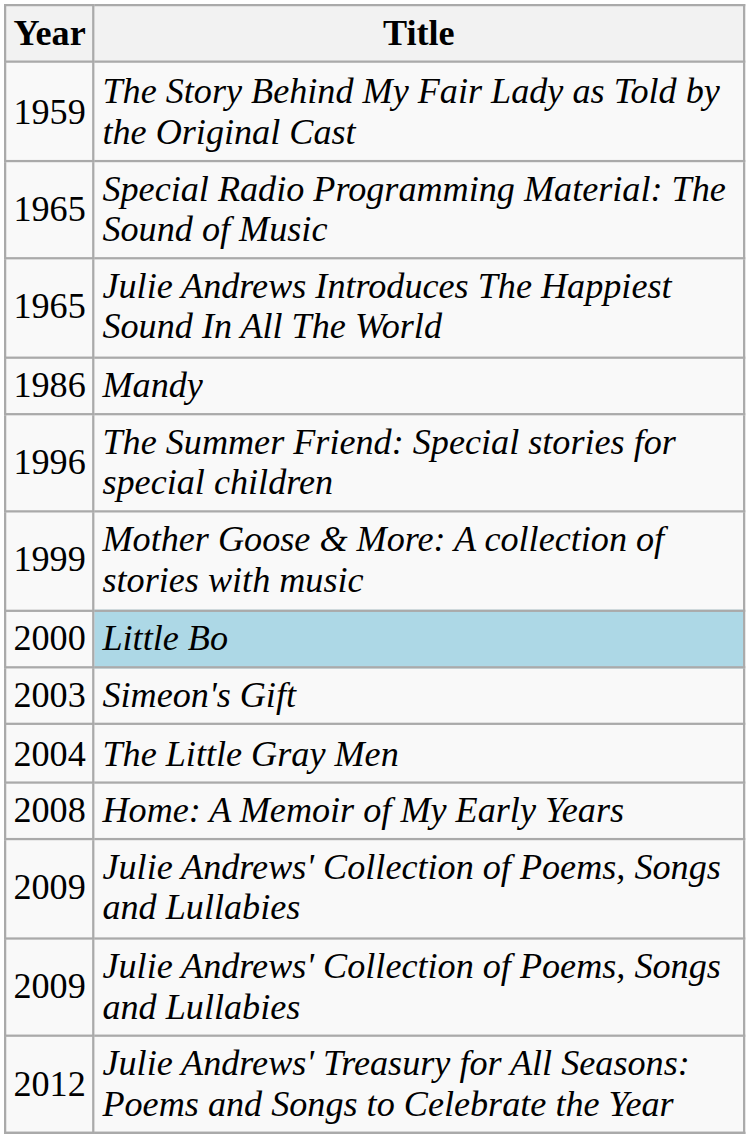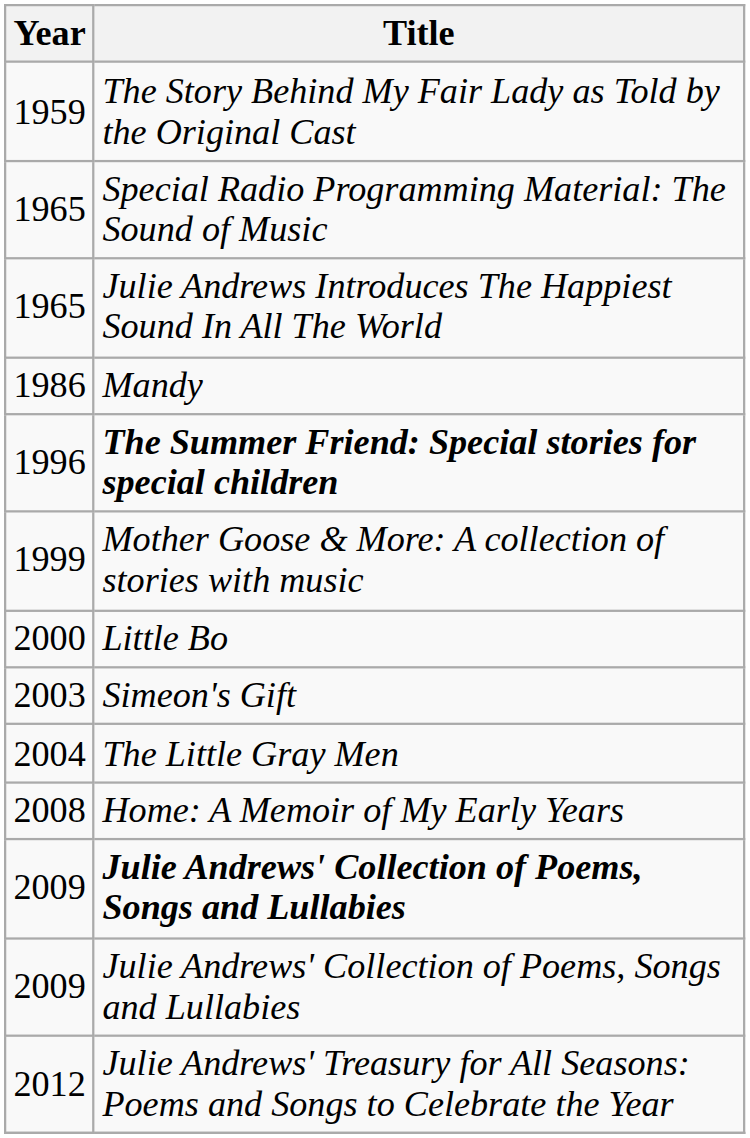 <table class="wikitable" style="text-align:center;">
 <tr>
 <th rowspan="1" style="width:30px;">Year</th>
 <th rowspan="1" style="width:280px;">Title</th>
 </tr>
 <tr>
 <td>1959</td>
 <td align="left"><em>The Story Behind My Fair Lady as Told by the Original Cast</em></td>
 </tr>
 <tr>
 <td>1965</td>
 <td align="left"><em>Special Radio Programming Material: The Sound of Music</em></td>
 </tr>
 <tr>
 <td>1965</td>
 <td align="left"><em>Julie Andrews Introduces The Happiest Sound In All The World</em></td>
 </tr>
 <tr>
 <td>1986</td>
 <td align="left"><em>Mandy</em></td>
 </tr>
 <tr>
 <td>1996</td>
-<td align="left"><em>The Summer Friend: Special stories for special children</em></td>
+<td align="left"><strong><em>The Summer Friend: Special stories for special children</em></strong></td>
 </tr>
 <tr>
 <td>1999</td>
 <td align="left"><em>Mother Goose & More: A collection of stories with music</em></td>
 </tr>
 <tr>
 <td>2000</td>
-<td align="left" style="background: lightblue;"><em>Little Bo</em></td>
+<td align="left"><em>Little Bo</em></td>
 </tr>
 <tr>
 <td>2003</td>
 <td align="left"><em>Simeon's Gift</em></td>
 </tr>
 <tr>
 <td>2004</td>
 <td align="left"><em>The Little Gray Men</em></td>
 </tr>
 <tr>
 <td>2008</td>
 <td align="left"><em>Home: A Memoir of My Early Years</em></td>
 </tr>
 <tr>
 <td>2009</td>
-<td align="left"><em>Julie Andrews' Collection of Poems, Songs and Lullabies</em></td>
+<td align="left"><strong><em>Julie Andrews' Collection of Poems, Songs and Lullabies</em></strong></td>
 </tr>
 <tr>
 <td>2009</td>
 <td align="left"><em>Julie Andrews' Collection of Poems, Songs and Lullabies</em></td>
 </tr>
 <tr>
 <td>2012</td>
 <td align="left"><em>Julie Andrews' Treasury for All Seasons: Poems and Songs to Celebrate the Year</em></td>
 </tr>
 <tr>
 </tr>
 </table>
